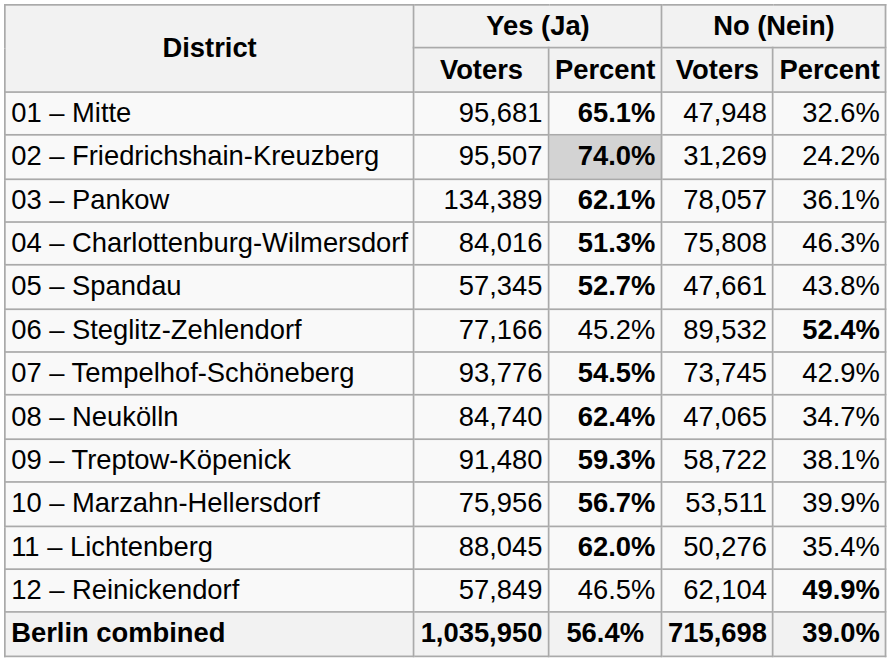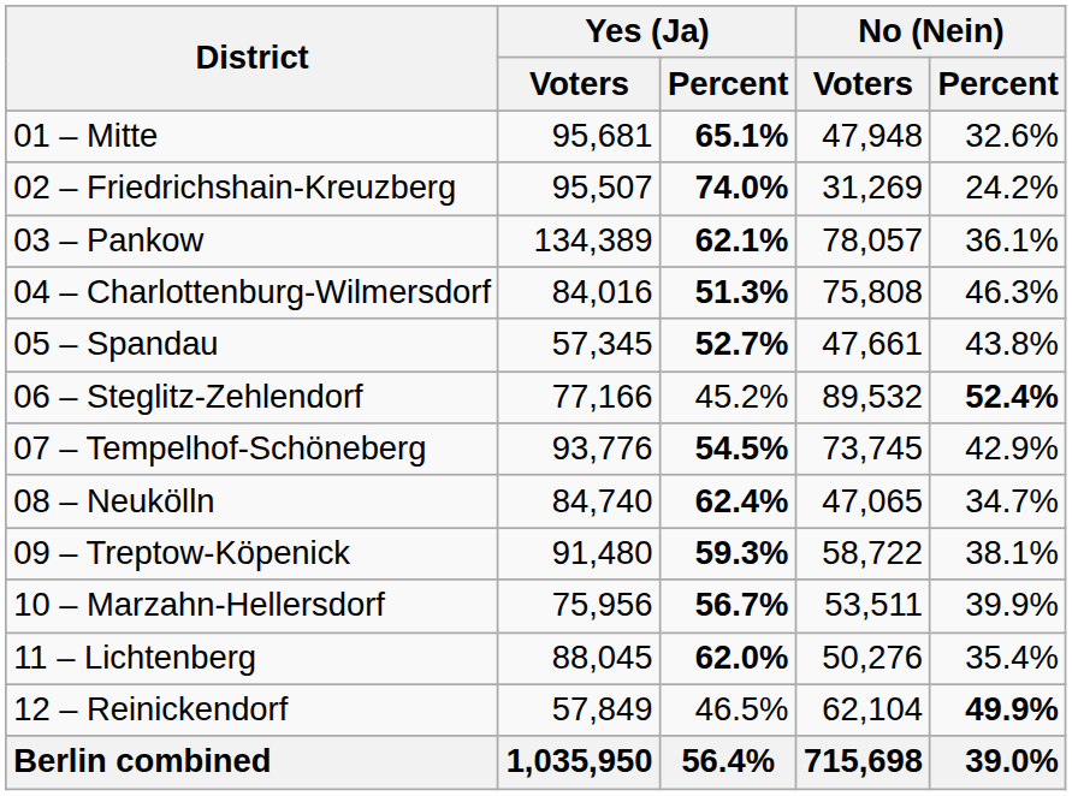 <table class="wikitable sortable" style="text-align:right">
 <tr>
 <th rowspan="2">District</th>
 <th colspan="2">Yes (Ja)</th>
 <th colspan="2">No (Nein)</th>
 </tr>
 <tr>
 <th>Voters</th>
 <th>Percent</th>
 <th>Voters</th>
 <th>Percent</th>
 </tr>
 <tr>
 <td style="text-align:left">01 – Mitte</td>
 <td>95,681</td>
 <td><strong>65.1%</strong></td>
 <td>47,948</td>
 <td>32.6%</td>
 </tr>
 <tr>
 <td style="text-align:left">02 – Friedrichshain-Kreuzberg</td>
 <td>95,507</td>
-<td style="background: lightgrey;"><strong>74.0%</strong></td>
+<td><strong>74.0%</strong></td>
 <td>31,269</td>
 <td>24.2%</td>
 </tr>
 <tr>
 <td style="text-align:left">03 – Pankow</td>
 <td>134,389</td>
 <td><strong>62.1%</strong></td>
 <td>78,057</td>
 <td>36.1%</td>
 </tr>
 <tr>
 <td style="text-align:left">04 – Charlottenburg-Wilmersdorf</td>
 <td>84,016</td>
 <td><strong>51.3%</strong></td>
 <td>75,808</td>
 <td>46.3%</td>
 </tr>
 <tr>
 <td style="text-align:left">05 – Spandau</td>
 <td>57,345</td>
 <td><strong>52.7%</strong></td>
 <td>47,661</td>
 <td>43.8%</td>
 </tr>
 <tr>
 <td style="text-align:left">06 – Steglitz-Zehlendorf</td>
 <td>77,166</td>
 <td>45.2%</td>
 <td class="hintergrundfarbe7">89,532</td>
 <td class="hintergrundfarbe7"><strong>52.4%</strong></td>
 </tr>
 <tr>
 <td style="text-align:left">07 – Tempelhof-Schöneberg</td>
 <td>93,776</td>
 <td><strong>54.5%</strong></td>
 <td>73,745</td>
 <td>42.9%</td>
 </tr>
 <tr>
 <td style="text-align:left">08 – Neukölln</td>
 <td>84,740</td>
 <td><strong>62.4%</strong></td>
 <td>47,065</td>
 <td>34.7%</td>
 </tr>
 <tr>
 <td style="text-align:left">09 – Treptow-Köpenick</td>
 <td>91,480</td>
 <td><strong>59.3%</strong></td>
 <td>58,722</td>
 <td>38.1%</td>
 </tr>
 <tr>
 <td style="text-align:left">10 – Marzahn-Hellersdorf</td>
 <td>75,956</td>
 <td><strong>56.7%</strong></td>
 <td>53,511</td>
 <td>39.9%</td>
 </tr>
 <tr>
 <td style="text-align:left">11 – Lichtenberg</td>
 <td>88,045</td>
 <td><strong>62.0%</strong></td>
 <td>50,276</td>
 <td>35.4%</td>
 </tr>
 <tr>
 <td style="text-align:left">12 – Reinickendorf</td>
 <td>57,849</td>
 <td>46.5%</td>
 <td class="hintergrundfarbe7">62,104</td>
 <td class="hintergrundfarbe7"><strong>49.9%</strong></td>
 </tr>
 <tr>
 <th style="text-align:left">Berlin combined</th>
 <th>1,035,950</th>
 <th>56.4%</th>
 <th style="text-align:right">715,698</th>
 <th style="text-align:right">39.0%</th>
 </tr>
 </table>
